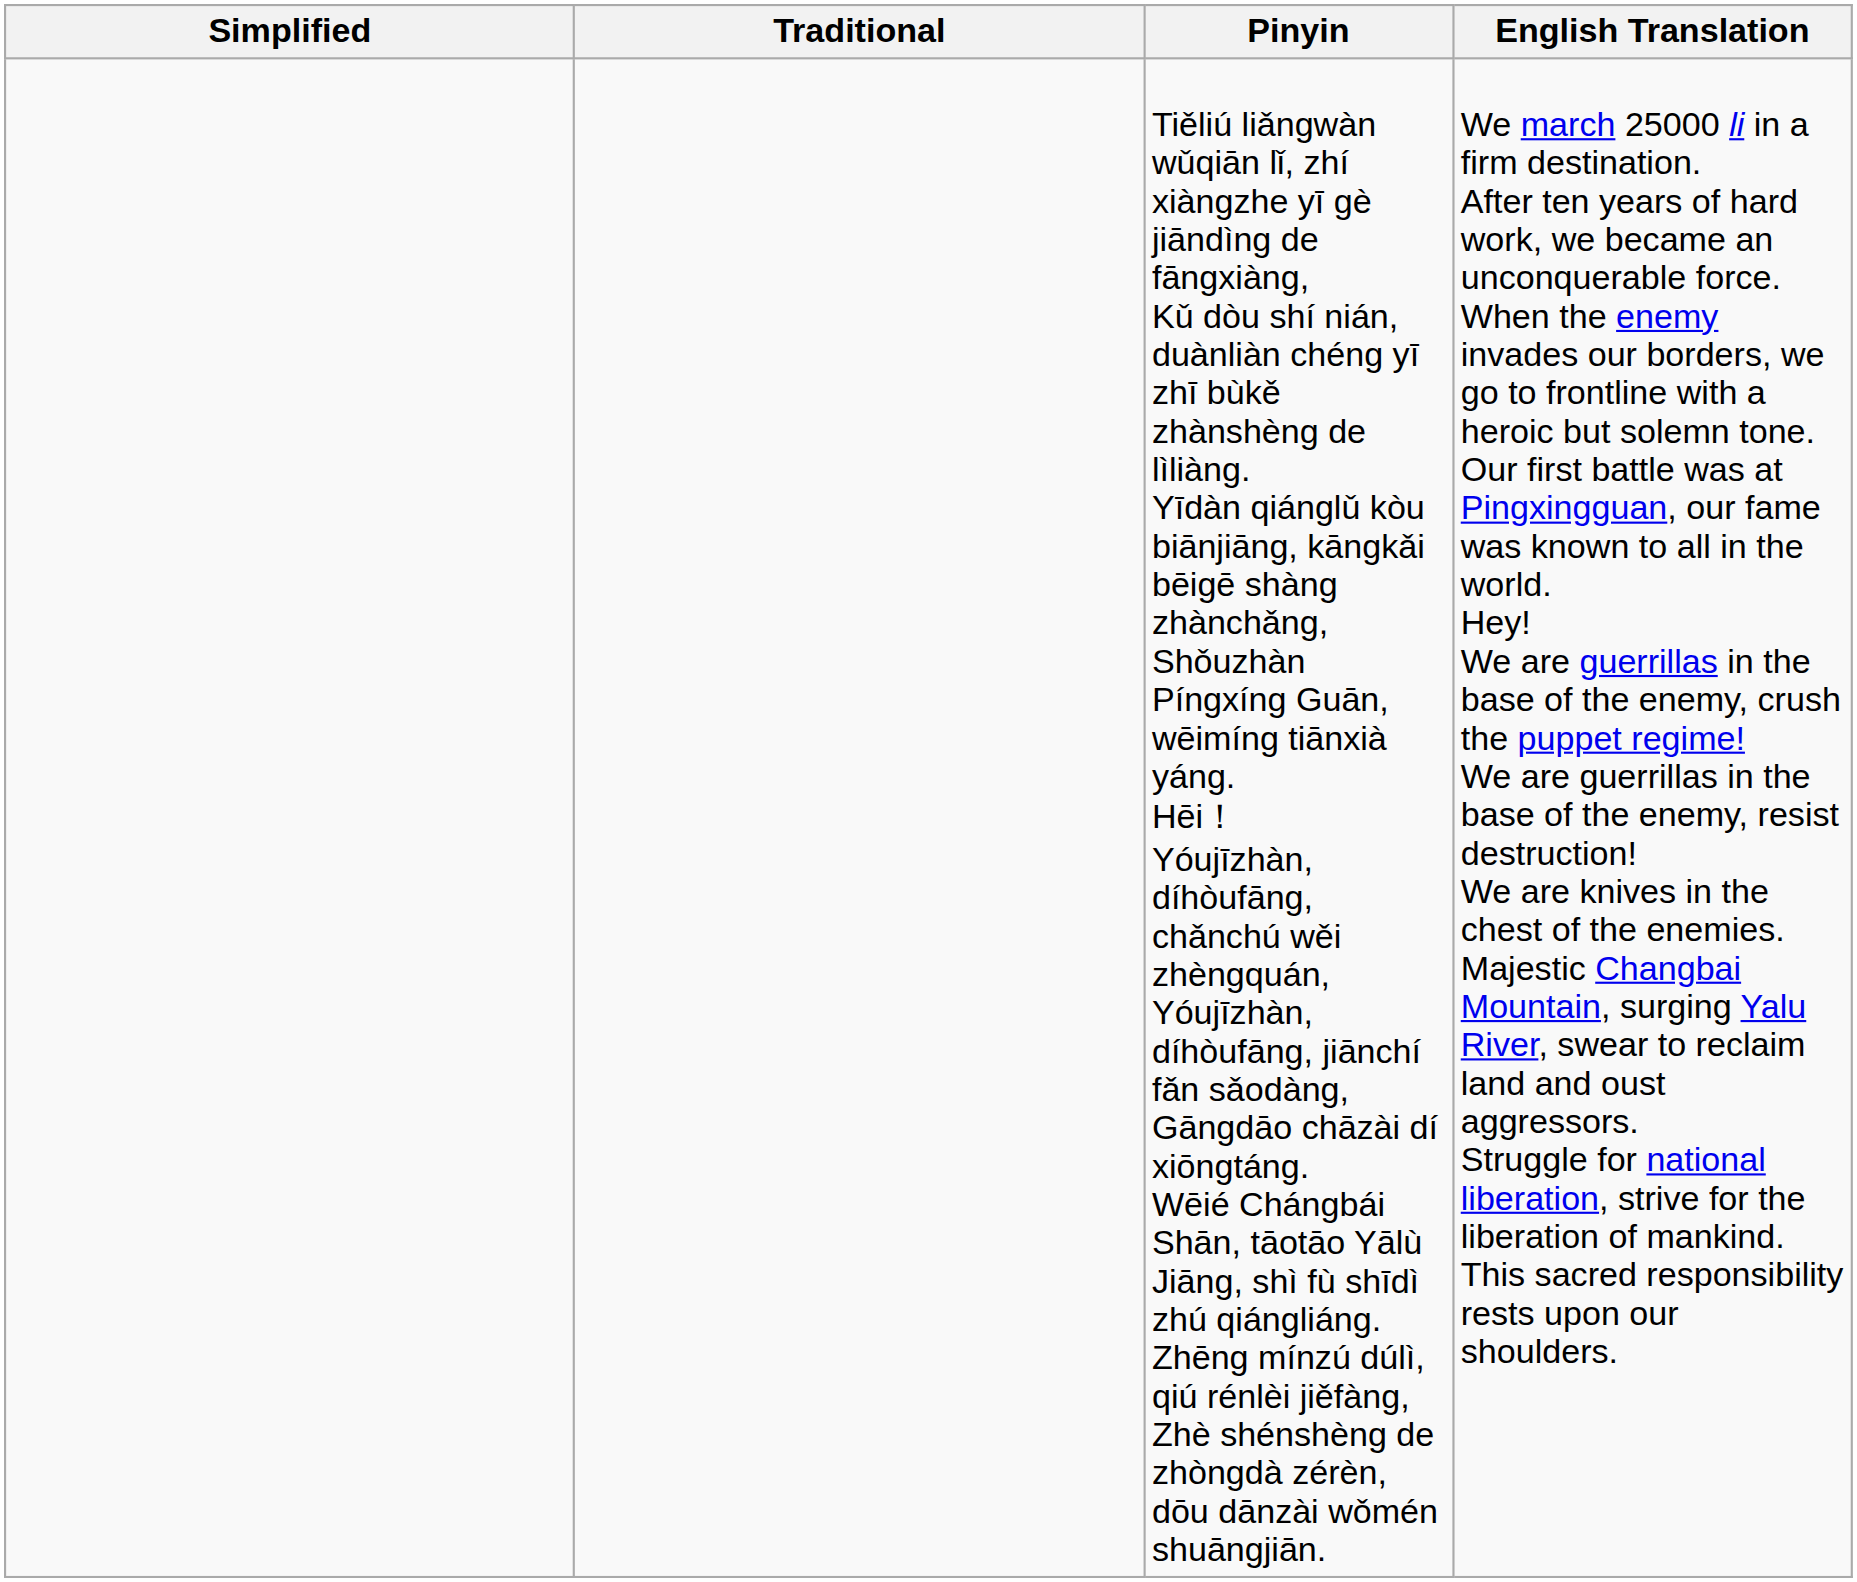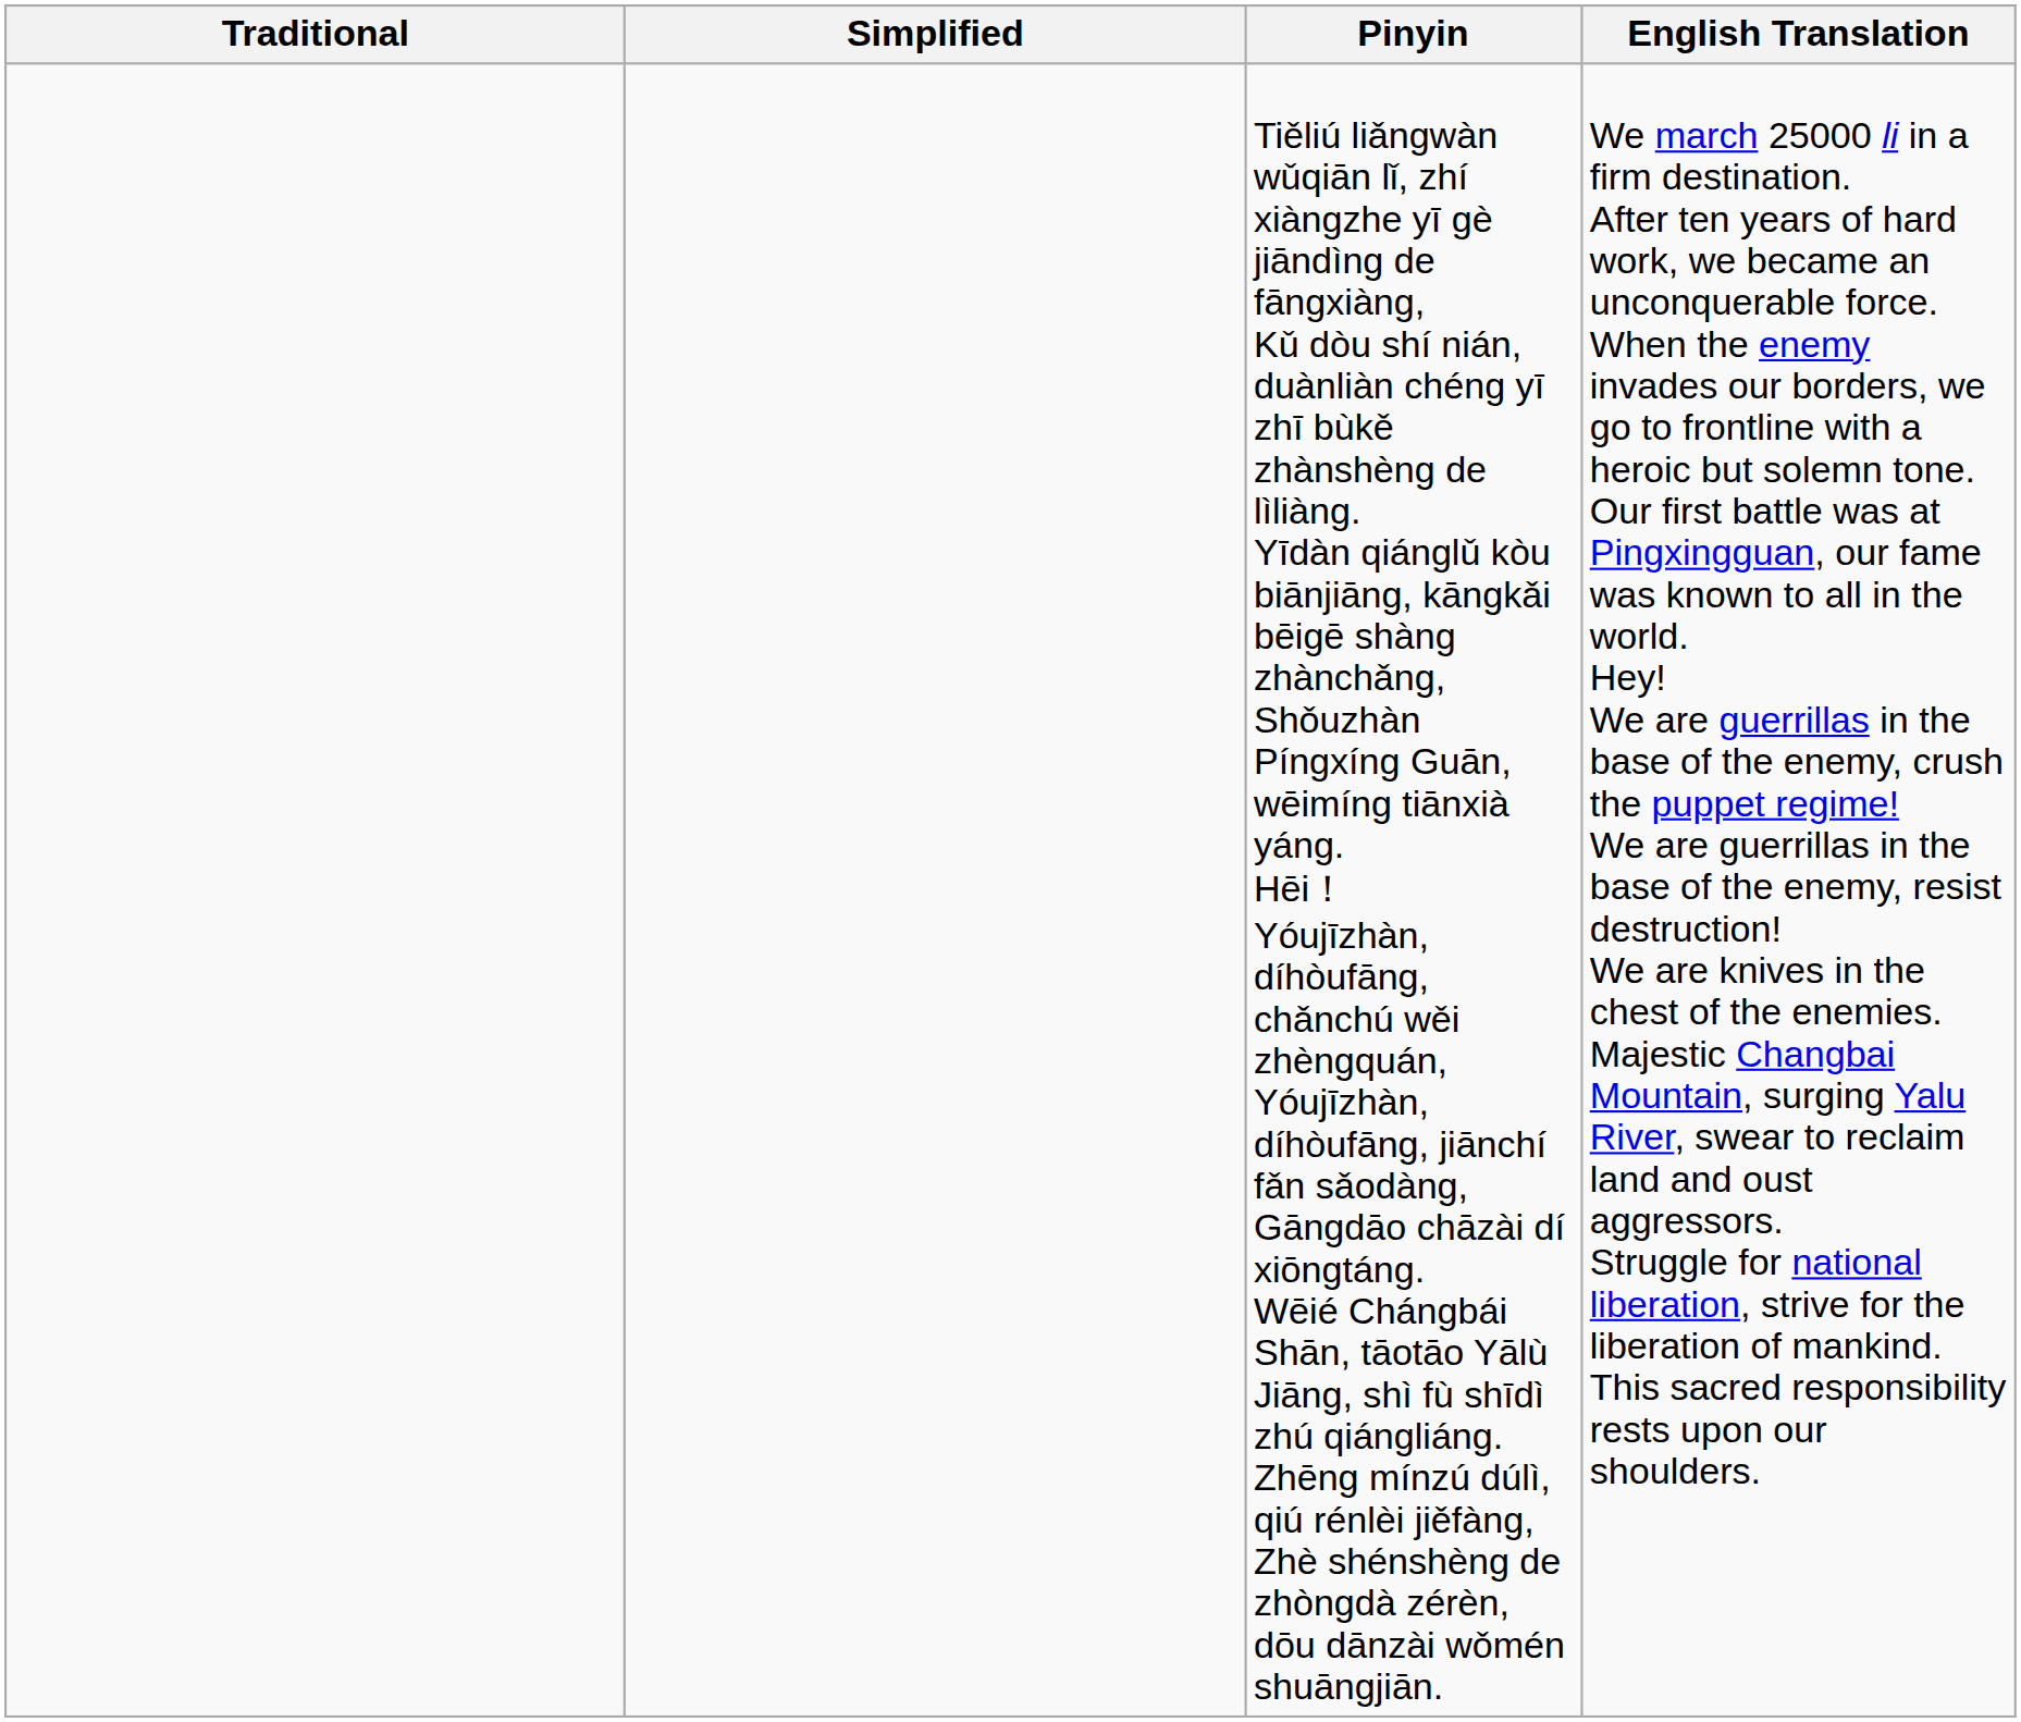 <table class="wikitable">
 <tr>
+<th width="260">Traditional</th>
 <th width="260">Simplified</th>
-<th width="260">Traditional</th>
 <th>Pinyin</th>
 <th>English Translation</th>
 </tr>
 <tr valign="top">
 <td><br></td>
 <td><br></td>
 <td><br>Tiěliú liǎngwàn wǔqiān lǐ, zhí xiàngzhe yī gè jiāndìng de fāngxiàng,<br> Kǔ dòu shí nián, duànliàn chéng yī zhī bùkě zhànshèng de lìliàng.<br> Yīdàn qiánglǔ kòu biānjiāng, kāngkǎi bēigē shàng zhànchǎng,<br> Shǒuzhàn Píngxíng Guān, wēimíng tiānxià yáng.<br> Hēi！<br> Yóujīzhàn, díhòufāng, chǎnchú wěi zhèngquán,<br> Yóujīzhàn, díhòufāng, jiānchí fǎn sǎodàng,<br> Gāngdāo chāzài dí xiōngtáng.<br> Wēié Chángbái Shān, tāotāo Yālù Jiāng, shì fù shīdì zhú qiángliáng.<br> Zhēng mínzú dúlì, qiú rénlèi jiěfàng,<br> Zhè shénshèng de zhòngdà zérèn, dōu dānzài wǒmén shuāngjiān.</td>
 <td><br>We <a href='#'>march</a> 25000 <em><a href='#'>li</a></em> in a firm destination.<br> After ten years of hard work, we became an unconquerable force.<br> When the <a href='#'>enemy</a> invades our borders, we go to frontline with a heroic but solemn tone.<br> Our first battle was at <a href='#'>Pingxingguan</a>, our fame was known to all in the world.<br> Hey!<br> We are <a href='#'>guerrillas</a> in the base of the enemy, crush the <a href='#'>puppet regime!</a><br> We are guerrillas in the base of the enemy, resist destruction!<br> We are knives in the chest of the enemies.<br> Majestic <a href='#'>Changbai Mountain</a>, surging <a href='#'>Yalu River</a>, swear to reclaim land and oust aggressors.<br> Struggle for <a href='#'>national liberation</a>, strive for the liberation of mankind.<br> This sacred responsibility rests upon our shoulders.</td>
 </tr>
 </table>
